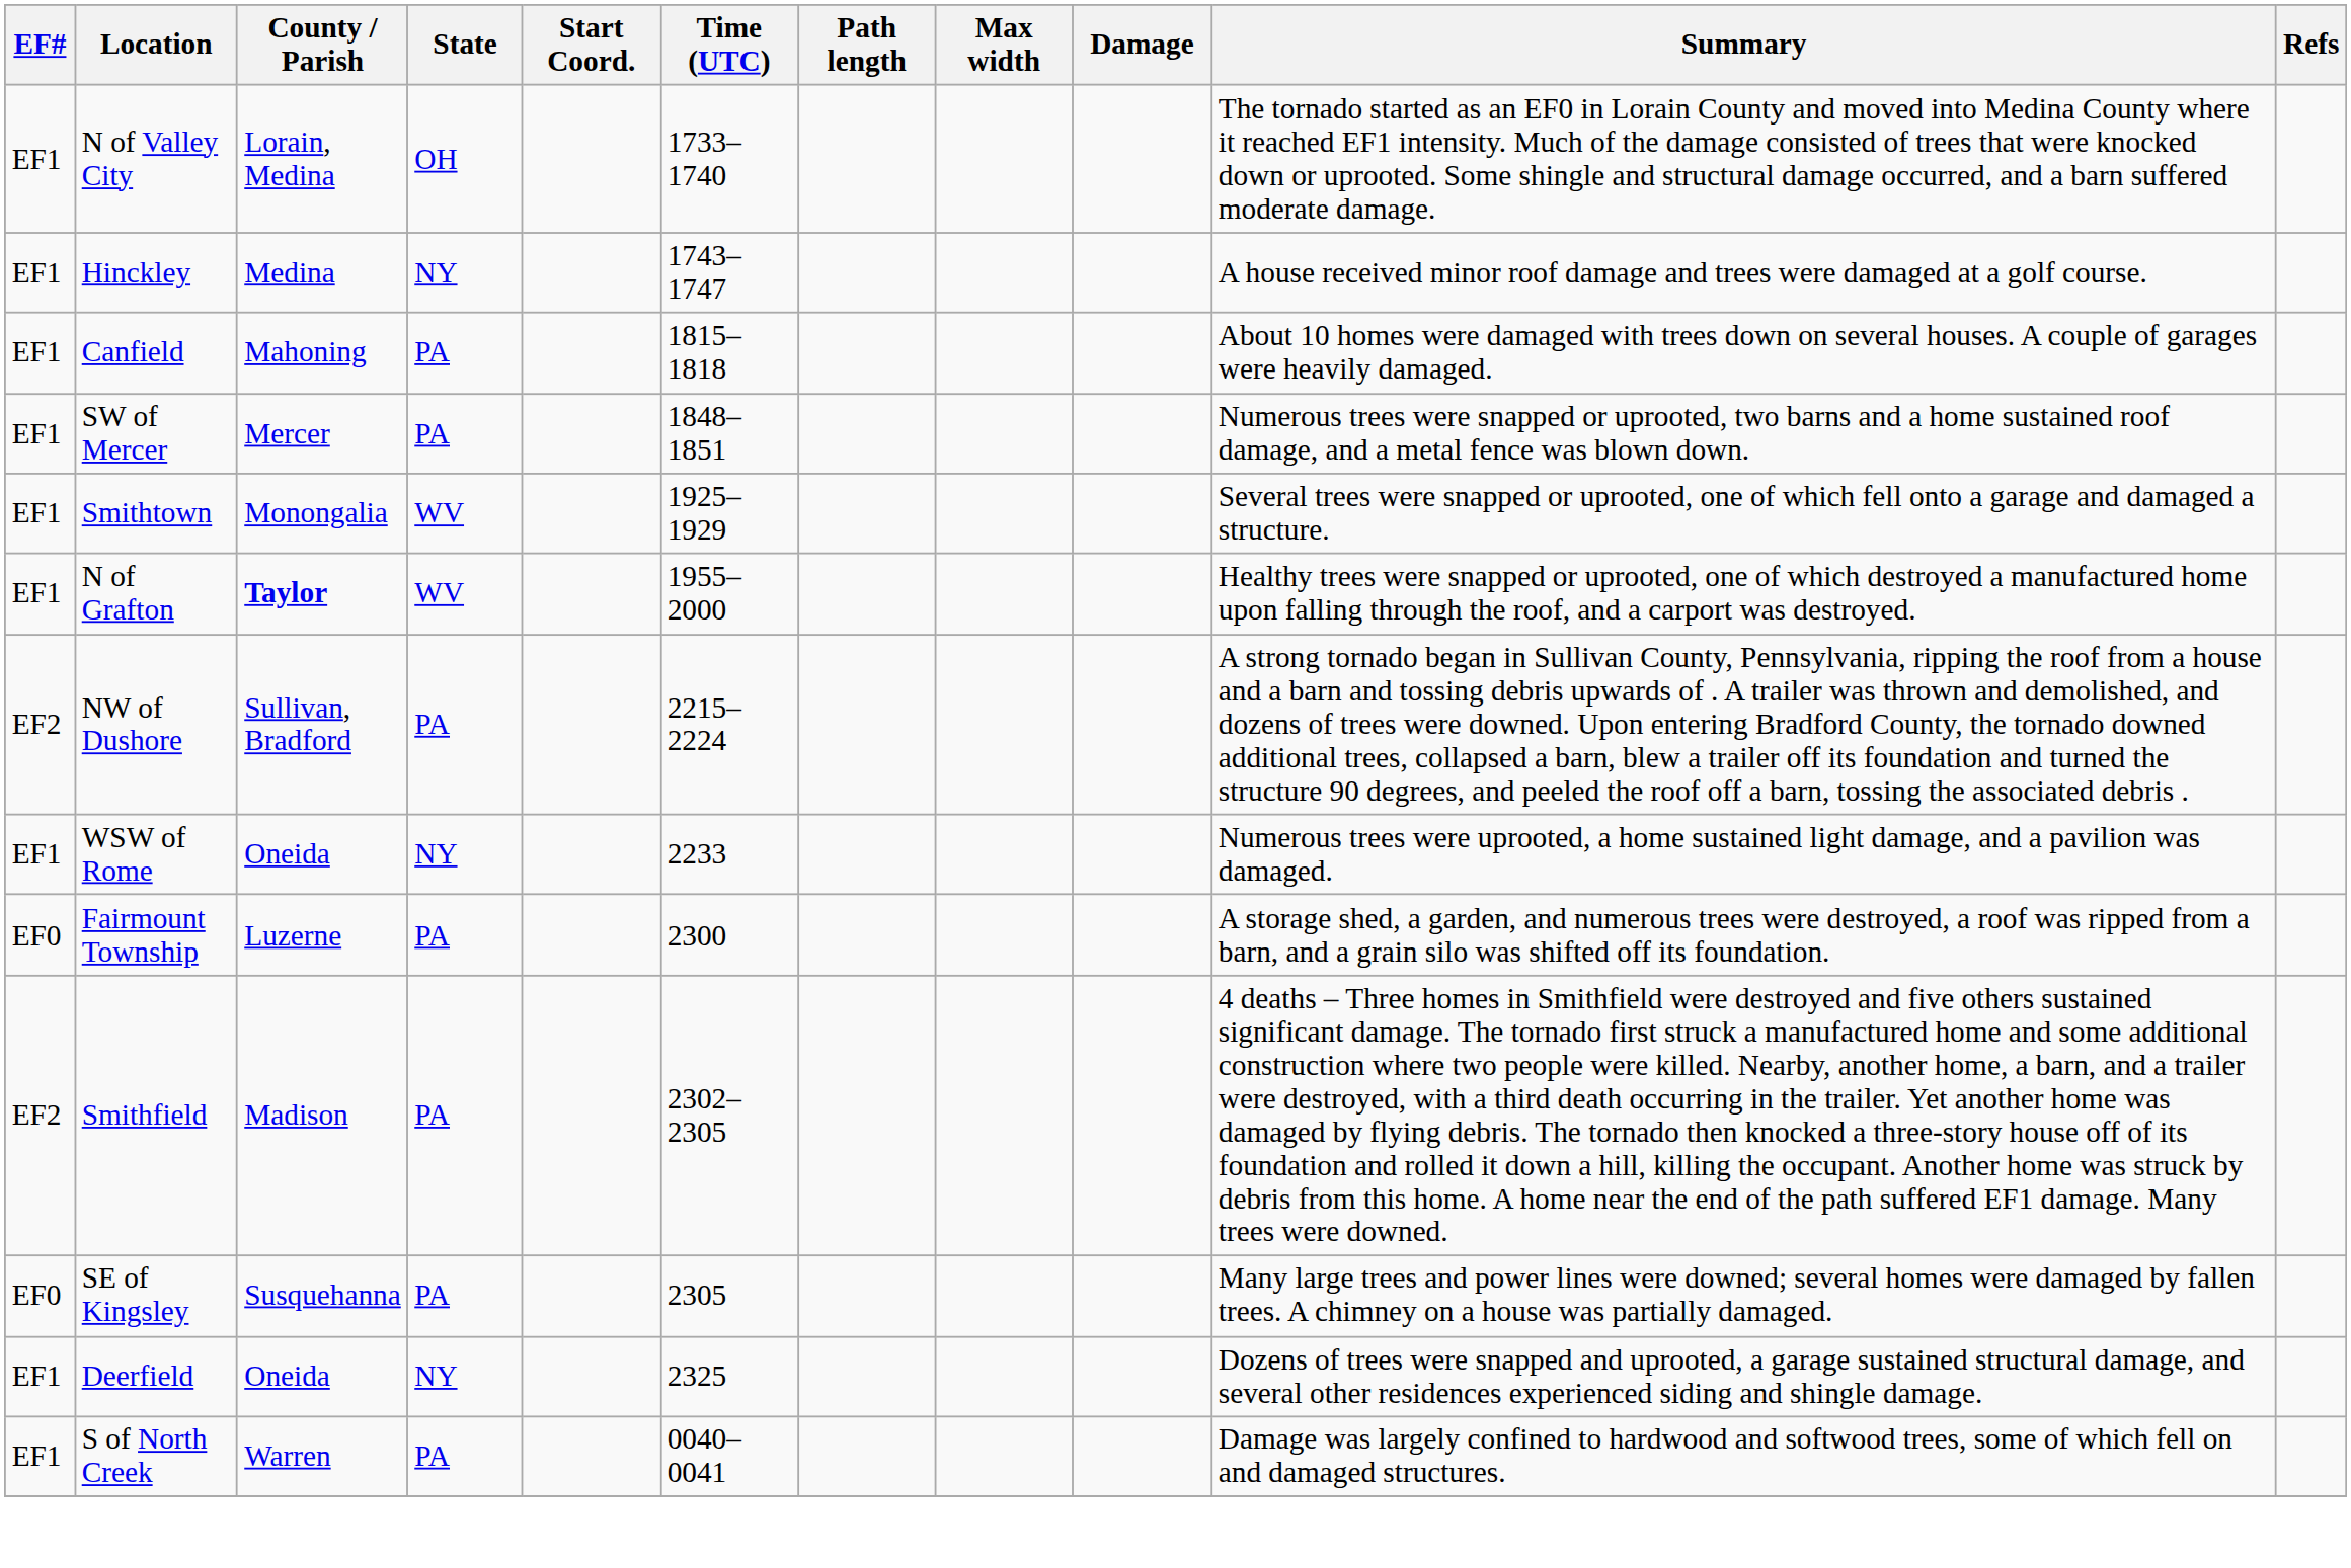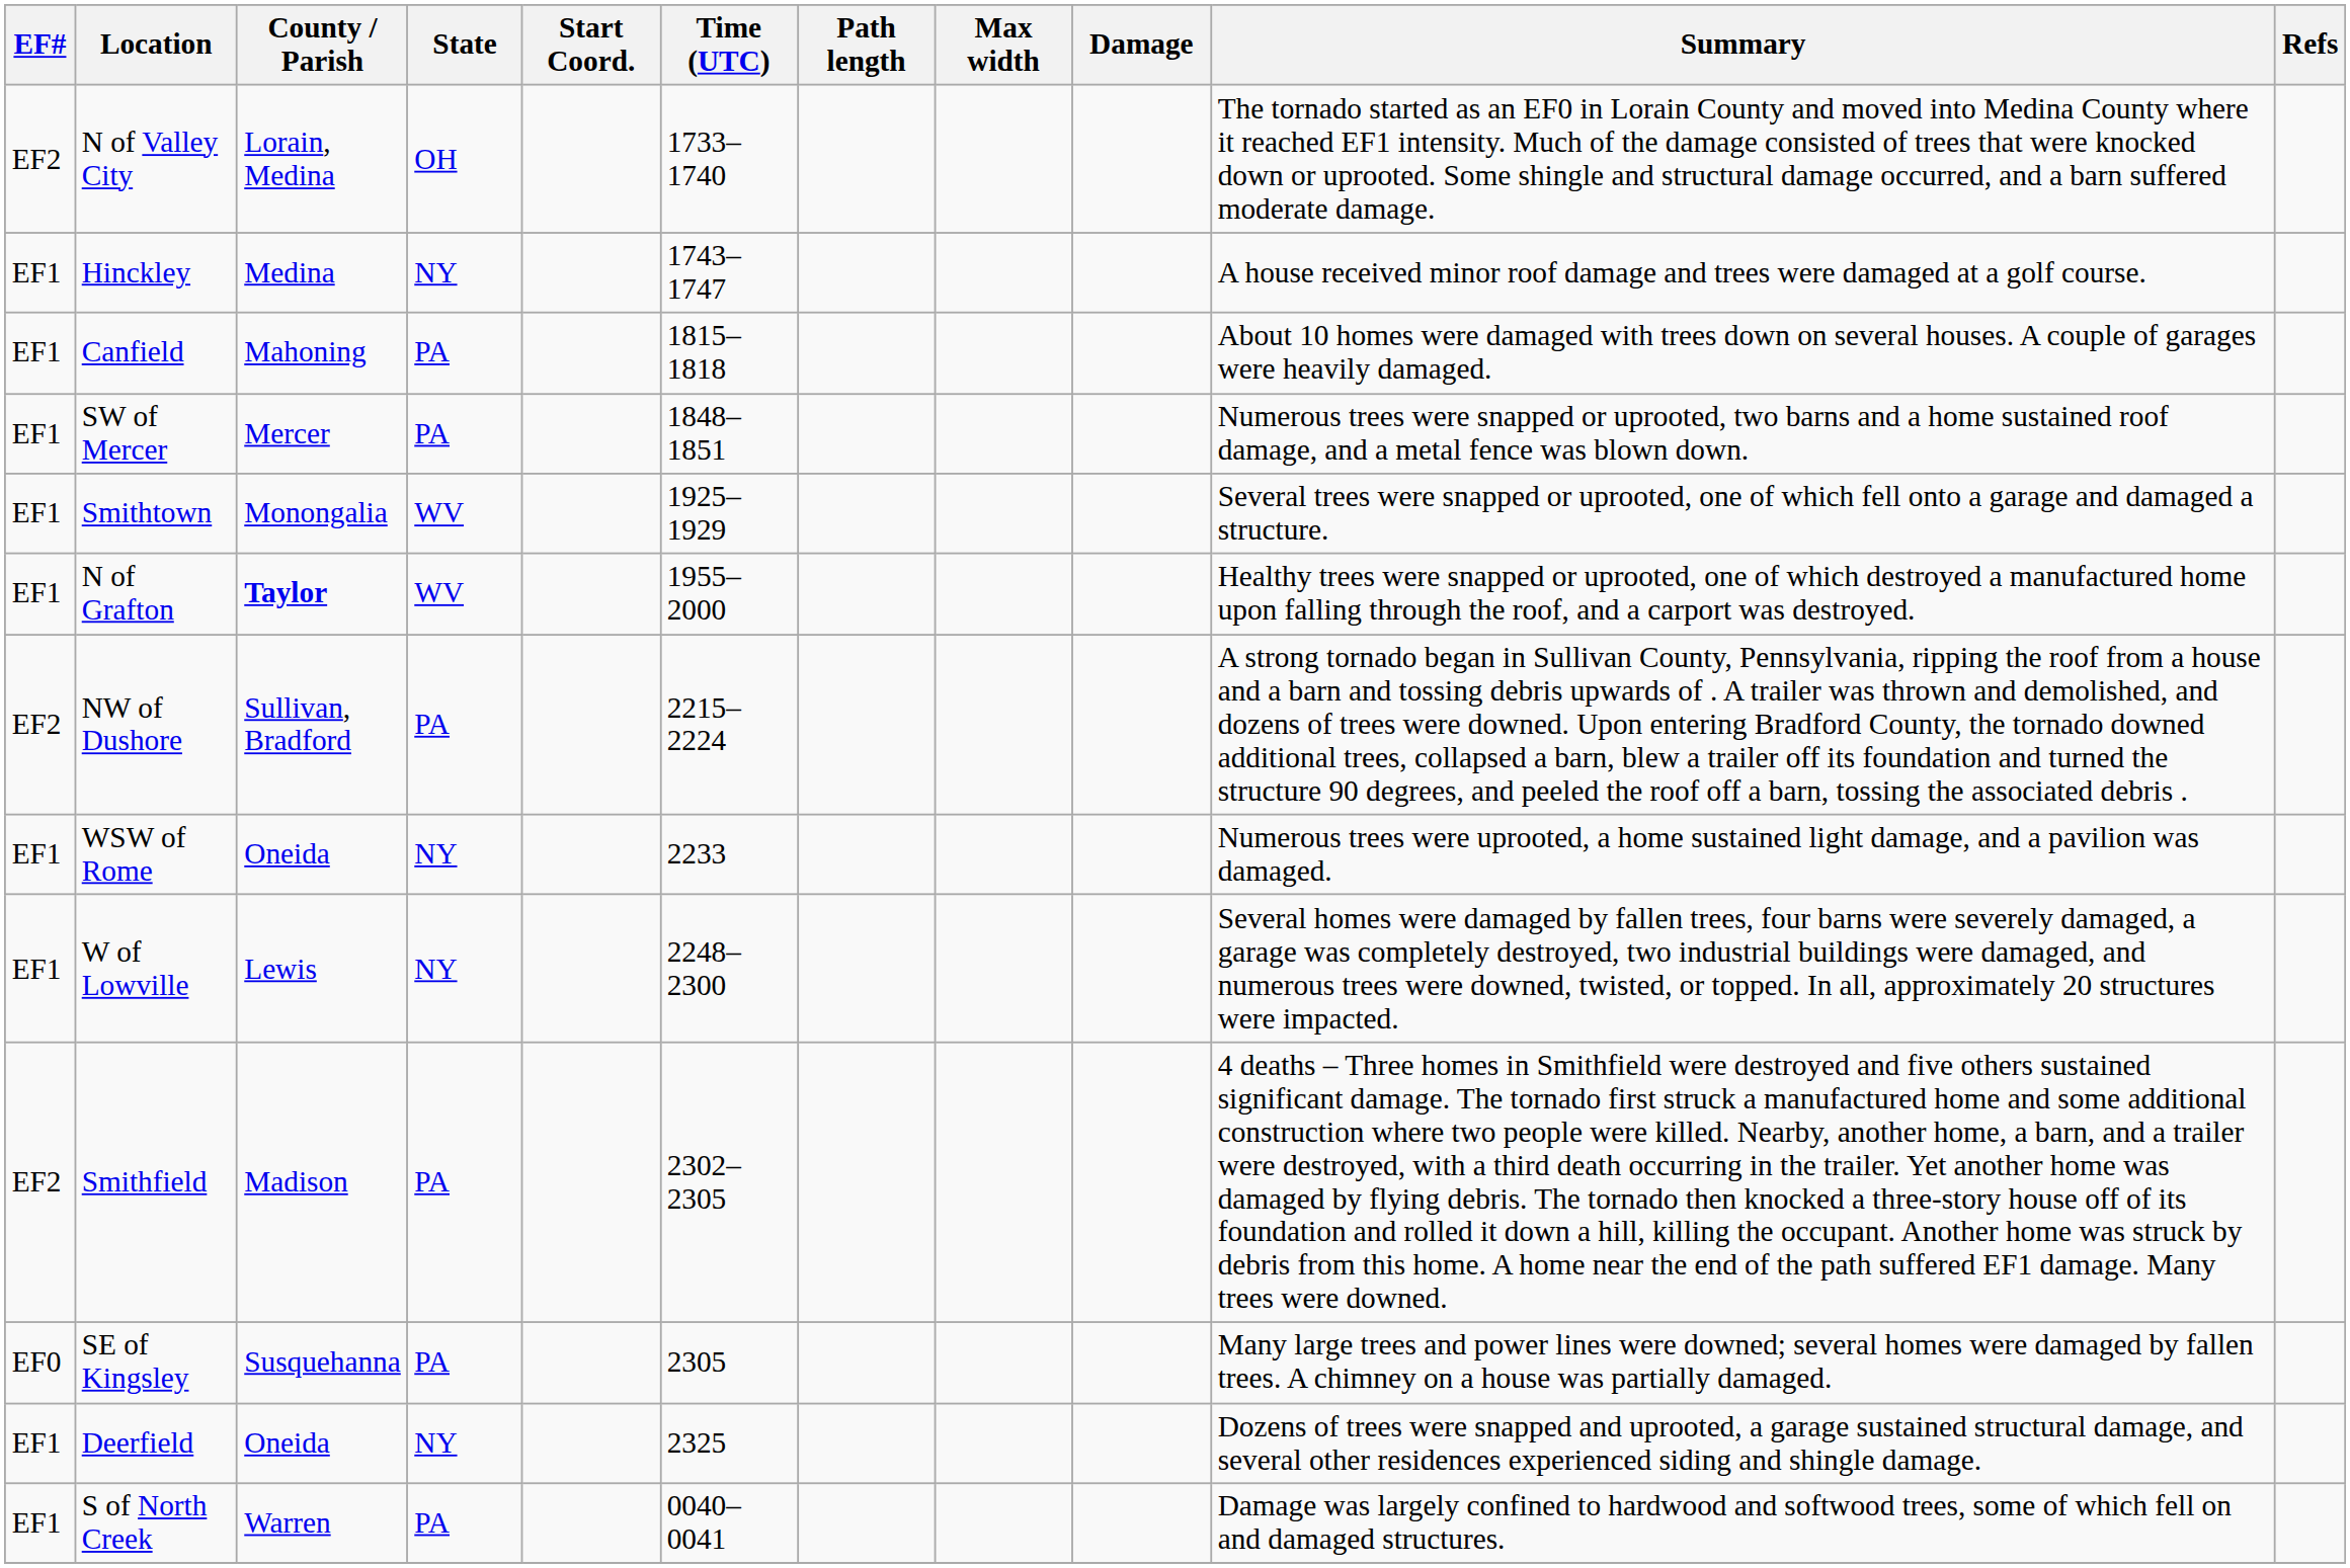 <table class="wikitable sortable" style="width:100%;">
 <tr>
 <th scope="col" width="3%" align="center"><a href='#'>EF#</a></th>
 <th scope="col" width="7%" align="center" class="unsortable">Location</th>
 <th scope="col" width="6%" align="center" class="unsortable">County / Parish</th>
 <th scope="col" width="5%" align="center">State</th>
 <th scope="col" width="6%" align="center">Start Coord.</th>
 <th scope="col" width="6%" align="center">Time (<a href='#'>UTC</a>)</th>
 <th scope="col" width="6%" align="center">Path length</th>
 <th scope="col" width="6%" align="center">Max width</th>
 <th scope="col" width="6%" align="center">Damage</th>
 <th scope="col" width="48%" class="unsortable" align="center">Summary</th>
 <th scope="col" width="48%" class="unsortable" align="center">Refs</th>
 </tr>
 <tr>
-<td>EF1</td>
+<td>EF2</td>
 <td>N of <a href='#'>Valley City</a></td>
 <td><a href='#'>Lorain</a>, <a href='#'>Medina</a></td>
 <td><a href='#'>OH</a></td>
 <td></td>
 <td>1733–1740</td>
 <td></td>
 <td></td>
 <td></td>
 <td>The tornado started as an EF0 in Lorain County and moved into Medina County where it reached EF1 intensity. Much of the damage consisted of trees that were knocked down or uprooted. Some shingle and structural damage occurred, and a barn suffered moderate damage.</td>
 <td></td>
 </tr>
 <tr>
 <td>EF1</td>
 <td><a href='#'>Hinckley</a></td>
 <td><a href='#'>Medina</a></td>
 <td><a href='#'>NY</a></td>
 <td></td>
 <td>1743–1747</td>
 <td></td>
 <td></td>
 <td></td>
 <td>A house received minor roof damage and trees were damaged at a golf course.</td>
 <td></td>
 </tr>
 <tr>
 <td>EF1</td>
 <td><a href='#'>Canfield</a></td>
 <td><a href='#'>Mahoning</a></td>
 <td><a href='#'>PA</a></td>
 <td></td>
 <td>1815–1818</td>
 <td></td>
 <td></td>
 <td></td>
 <td>About 10 homes were damaged with trees down on several houses. A couple of garages were heavily damaged.</td>
 <td></td>
 </tr>
 <tr>
 <td>EF1</td>
 <td>SW of <a href='#'>Mercer</a></td>
 <td><a href='#'>Mercer</a></td>
 <td><a href='#'>PA</a></td>
 <td></td>
 <td>1848–1851</td>
 <td></td>
 <td></td>
 <td></td>
 <td>Numerous trees were snapped or uprooted, two barns and a home sustained roof damage, and a metal fence was blown down.</td>
 <td></td>
 </tr>
 <tr>
 <td>EF1</td>
 <td><a href='#'>Smithtown</a></td>
 <td><a href='#'>Monongalia</a></td>
 <td><a href='#'>WV</a></td>
 <td></td>
 <td>1925–1929</td>
 <td></td>
 <td></td>
 <td></td>
 <td>Several trees were snapped or uprooted, one of which fell onto a garage and damaged a structure.</td>
 <td></td>
 </tr>
 <tr>
 <td>EF1</td>
 <td>N of <a href='#'>Grafton</a></td>
 <td><strong><a href='#'>Taylor</a></strong></td>
 <td><a href='#'>WV</a></td>
 <td></td>
 <td>1955–2000</td>
 <td></td>
 <td></td>
 <td></td>
 <td>Healthy trees were snapped or uprooted, one of which destroyed a manufactured home upon falling through the roof, and a carport was destroyed.</td>
 <td></td>
 </tr>
 <tr>
 <td>EF2</td>
 <td>NW of <a href='#'>Dushore</a></td>
 <td><a href='#'>Sullivan</a>, <a href='#'>Bradford</a></td>
 <td><a href='#'>PA</a></td>
 <td></td>
 <td>2215–2224</td>
 <td></td>
 <td></td>
 <td></td>
 <td>A strong tornado began in Sullivan County, Pennsylvania, ripping the roof from a house and a barn and tossing debris upwards of . A trailer was thrown  and demolished, and dozens of trees were downed. Upon entering Bradford County, the tornado downed additional trees, collapsed a barn, blew a trailer off its foundation and turned the structure 90 degrees, and peeled the roof off a barn, tossing the associated debris .</td>
 <td></td>
 </tr>
 <tr>
 <td>EF1</td>
 <td>WSW of <a href='#'>Rome</a></td>
 <td><a href='#'>Oneida</a></td>
 <td><a href='#'>NY</a></td>
 <td></td>
 <td>2233</td>
 <td></td>
 <td></td>
 <td></td>
 <td>Numerous trees were uprooted, a home sustained light damage, and a pavilion was damaged.</td>
 <td></td>
 </tr>
 <tr>
-<td>EF0</td>
-<td><a href='#'>Fairmount Township</a></td>
-<td><a href='#'>Luzerne</a></td>
-<td><a href='#'>PA</a></td>
+<td>EF1</td>
+<td>W of <a href='#'>Lowville</a></td>
+<td><a href='#'>Lewis</a></td>
+<td><a href='#'>NY</a></td>
 <td></td>
-<td>2300</td>
+<td>2248–2300</td>
 <td></td>
 <td></td>
 <td></td>
-<td>A storage shed, a garden, and numerous trees were destroyed, a roof was ripped from a barn, and a grain silo was shifted off its foundation.</td>
+<td>Several homes were damaged by fallen trees, four barns were severely damaged, a garage was completely destroyed, two industrial buildings were damaged, and numerous trees were downed, twisted, or topped. In all, approximately 20 structures were impacted.</td>
 <td></td>
 </tr>
 <tr>
 <td>EF2</td>
 <td><a href='#'>Smithfield</a></td>
 <td><a href='#'>Madison</a></td>
 <td><a href='#'>PA</a></td>
 <td></td>
 <td>2302–2305</td>
 <td></td>
 <td></td>
 <td></td>
 <td>4 deaths – Three homes in Smithfield were destroyed and five others sustained significant damage. The tornado first struck a manufactured home and some additional construction where two people were killed. Nearby, another home, a barn, and a trailer were destroyed, with a third death occurring in the trailer. Yet another home was damaged by flying debris. The tornado then knocked a three-story house off of its foundation and rolled it down a hill, killing the occupant. Another home was struck by debris from this home. A home near the end of the path suffered EF1 damage. Many trees were downed.</td>
 <td></td>
 </tr>
 <tr>
 <td>EF0</td>
 <td>SE of <a href='#'>Kingsley</a></td>
 <td><a href='#'>Susquehanna</a></td>
 <td><a href='#'>PA</a></td>
 <td></td>
 <td>2305</td>
 <td></td>
 <td></td>
 <td></td>
 <td>Many large trees and power lines were downed; several homes were damaged by fallen trees. A chimney on a house was partially damaged.</td>
 <td></td>
 </tr>
 <tr>
 <td>EF1</td>
 <td><a href='#'>Deerfield</a></td>
 <td><a href='#'>Oneida</a></td>
 <td><a href='#'>NY</a></td>
 <td></td>
 <td>2325</td>
 <td></td>
 <td></td>
 <td></td>
 <td>Dozens of trees were snapped and uprooted, a garage sustained structural damage, and several other residences experienced siding and shingle damage.</td>
 <td></td>
 </tr>
 <tr>
 <td>EF1</td>
 <td>S of <a href='#'>North Creek</a></td>
 <td><a href='#'>Warren</a></td>
 <td><a href='#'>PA</a></td>
 <td></td>
 <td>0040–0041</td>
 <td></td>
 <td></td>
 <td></td>
 <td>Damage was largely confined to hardwood and softwood trees, some of which fell on and damaged structures.</td>
 <td></td>
 </tr>
 <tr>
 </tr>
 </table>
